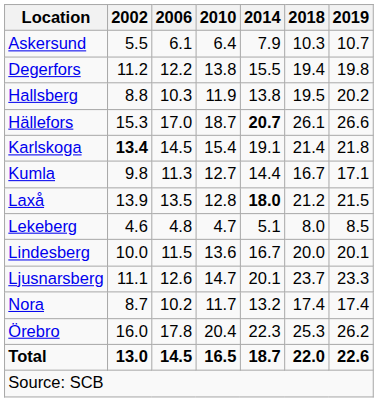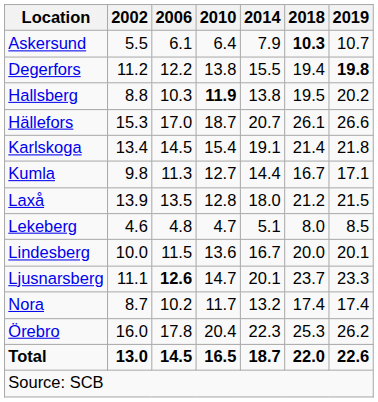 <table class="wikitable sortable" style=text-align:right>
 <tr>
 <th>Location</th>
 <th>2002</th>
 <th>2006</th>
 <th>2010</th>
 <th>2014</th>
 <th>2018</th>
 <th>2019</th>
 </tr>
 <tr>
 <td align=left><a href='#'>Askersund</a></td>
 <td>5.5</td>
 <td>6.1</td>
 <td>6.4</td>
 <td>7.9</td>
-<td>10.3</td>
+<td><strong>10.3</strong></td>
 <td>10.7</td>
 </tr>
 <tr>
 <td align=left><a href='#'>Degerfors</a></td>
 <td>11.2</td>
 <td>12.2</td>
 <td>13.8</td>
 <td>15.5</td>
 <td>19.4</td>
-<td>19.8</td>
+<td><strong>19.8</strong></td>
 </tr>
 <tr>
 <td align=left><a href='#'>Hallsberg</a></td>
 <td>8.8</td>
 <td>10.3</td>
-<td>11.9</td>
+<td><strong>11.9</strong></td>
 <td>13.8</td>
 <td>19.5</td>
 <td>20.2</td>
 </tr>
 <tr>
 <td align=left><a href='#'>Hällefors</a></td>
 <td>15.3</td>
 <td>17.0</td>
 <td>18.7</td>
-<td><strong>20.7</strong></td>
+<td>20.7</td>
 <td>26.1</td>
 <td>26.6</td>
 </tr>
 <tr>
 <td align=left><a href='#'>Karlskoga</a></td>
-<td><strong>13.4</strong></td>
+<td>13.4</td>
 <td>14.5</td>
 <td>15.4</td>
 <td>19.1</td>
 <td>21.4</td>
 <td>21.8</td>
 </tr>
 <tr>
 <td align=left><a href='#'>Kumla</a></td>
 <td>9.8</td>
 <td>11.3</td>
 <td>12.7</td>
 <td>14.4</td>
 <td>16.7</td>
 <td>17.1</td>
 </tr>
 <tr>
 <td align=left><a href='#'>Laxå</a></td>
 <td>13.9</td>
 <td>13.5</td>
 <td>12.8</td>
-<td><strong>18.0</strong></td>
+<td>18.0</td>
 <td>21.2</td>
 <td>21.5</td>
 </tr>
 <tr>
 <td align=left><a href='#'>Lekeberg</a></td>
 <td>4.6</td>
 <td>4.8</td>
 <td>4.7</td>
 <td>5.1</td>
 <td>8.0</td>
 <td>8.5</td>
 </tr>
 <tr>
 <td align=left><a href='#'>Lindesberg</a></td>
 <td>10.0</td>
 <td>11.5</td>
 <td>13.6</td>
 <td>16.7</td>
 <td>20.0</td>
 <td>20.1</td>
 </tr>
 <tr>
 <td align=left><a href='#'>Ljusnarsberg</a></td>
 <td>11.1</td>
-<td>12.6</td>
+<td><strong>12.6</strong></td>
 <td>14.7</td>
 <td>20.1</td>
 <td>23.7</td>
 <td>23.3</td>
 </tr>
 <tr>
 <td align=left><a href='#'>Nora</a></td>
 <td>8.7</td>
 <td>10.2</td>
 <td>11.7</td>
 <td>13.2</td>
 <td>17.4</td>
 <td>17.4</td>
 </tr>
 <tr>
 <td align=left><a href='#'>Örebro</a></td>
 <td>16.0</td>
 <td>17.8</td>
 <td>20.4</td>
 <td>22.3</td>
 <td>25.3</td>
 <td>26.2</td>
 </tr>
 <tr>
 <td align=left><strong>Total</strong></td>
 <td><strong>13.0</strong></td>
 <td><strong>14.5</strong></td>
 <td><strong>16.5</strong></td>
 <td><strong>18.7</strong></td>
 <td><strong>22.0</strong></td>
 <td><strong>22.6</strong></td>
 </tr>
 <tr>
 <td align=left colspan=7>Source: SCB </td>
 </tr>
 </table>
